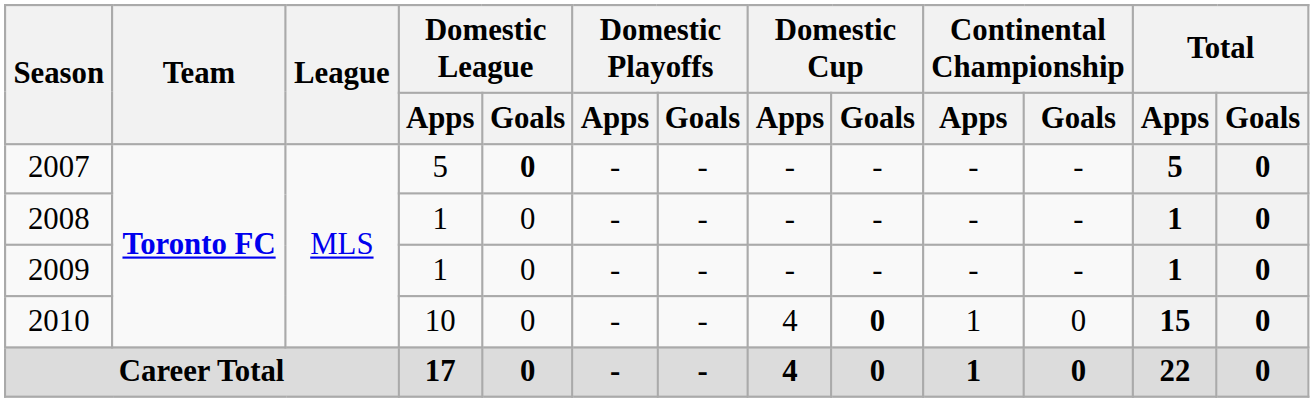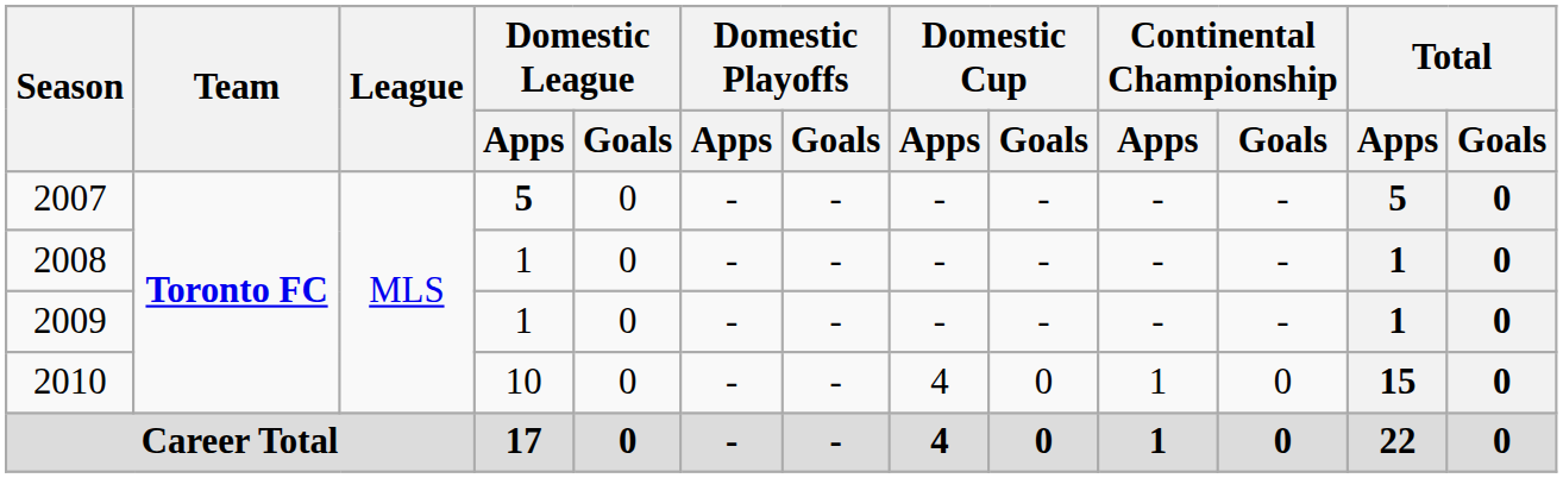 <table class="wikitable" style=font-size:90% text-align: center width=69%>
 <tr>
 <th rowspan=2 width=8%><strong>Season</strong></th>
 <th rowspan=2 width=13%><strong>Team</strong></th>
 <th rowspan=2 width=8%><strong>League</strong></th>
 <th colspan=2 width=8%>Domestic League</th>
 <th colspan=2 width=8%>Domestic Playoffs</th>
 <th colspan=2 width=8%>Domestic Cup</th>
 <th colspan=2 width=8%>Continental Championship</th>
 <th colspan=2 width=8%>Total</th>
 </tr>
 <tr>
 <th align=center><strong>Apps</strong></th>
 <th align=center><strong>Goals</strong></th>
 <th align=center><strong>Apps</strong></th>
 <th align=center><strong>Goals</strong></th>
 <th align=center><strong>Apps</strong></th>
 <th align=center><strong>Goals</strong></th>
 <th align=center><strong>Apps</strong></th>
 <th align=center><strong>Goals</strong></th>
 <th align=center><strong>Apps</strong></th>
 <th align=center><strong>Goals</strong></th>
 </tr>
 <tr>
 <td rowspan=1 align=center>2007</td>
 <td rowspan=4 align=center><strong><a href='#'>Toronto FC</a></strong></td>
 <td rowspan=4 align=center><a href='#'>MLS</a></td>
-<td align=center>5</td>
-<td align=center><strong>0</strong></td>
+<td align=center><strong>5</strong></td>
+<td align=center>0</td>
 <td align=center>-</td>
 <td align=center>-</td>
 <td align=center>-</td>
 <td align=center>-</td>
 <td align=center>-</td>
 <td align=center>-</td>
 <th align=center><strong>5</strong></th>
 <th align=center><strong>0</strong></th>
 </tr>
 <tr>
 <td rowspan=1 align=center>2008</td>
 <td align=center>1</td>
 <td align=center>0</td>
 <td align=center>-</td>
 <td align=center>-</td>
 <td align=center>-</td>
 <td align=center>-</td>
 <td align=center>-</td>
 <td align=center>-</td>
 <th align=center><strong>1</strong></th>
 <th align=center><strong>0</strong></th>
 </tr>
 <tr>
 <td rowspan=1 align=center>2009</td>
 <td align=center>1</td>
 <td align=center>0</td>
 <td align=center>-</td>
 <td align=center>-</td>
 <td align=center>-</td>
 <td align=center>-</td>
 <td align=center>-</td>
 <td align=center>-</td>
 <th align=center><strong>1</strong></th>
 <th align=center><strong>0</strong></th>
 </tr>
 <tr>
 <td rowspan=1 align=center>2010</td>
 <td align=center>10</td>
 <td align=center>0</td>
 <td align=center>-</td>
 <td align=center>-</td>
 <td align=center>4</td>
-<td align=center><strong>0</strong></td>
+<td align=center>0</td>
 <td align=center>1</td>
 <td align=center>0</td>
 <th align=center><strong>15</strong></th>
 <th align=center><strong>0</strong></th>
 </tr>
 <tr>
 <th style="background: #DCDCDC" colspan="3"><strong>Career Total</strong></th>
 <th style="background: #DCDCDC" align=center><strong>17</strong></th>
 <th style="background: #DCDCDC" align=center><strong>0</strong></th>
 <th style="background: #DCDCDC" align=center><strong>-</strong></th>
 <th style="background: #DCDCDC" align=center><strong>-</strong></th>
 <th style="background: #DCDCDC" align=center><strong>4</strong></th>
 <th style="background: #DCDCDC" align=center><strong>0</strong></th>
 <th style="background: #DCDCDC" align=center><strong>1</strong></th>
 <th style="background: #DCDCDC" align=center><strong>0</strong></th>
 <th style="background: #DCDCDC" align=center><strong>22</strong></th>
 <th style="background: #DCDCDC" align=center><strong>0</strong></th>
 </tr>
 </table>
